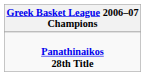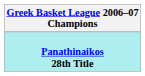 <table class="wikitable" style="text-align: center; margin: 0 auto;">
 <tr>
 <th><a href='#'>Greek Basket League</a> 2006–07<br>Champions</th>
 </tr>
 <tr>
 </tr>
 <tr>
-<td><br><strong><a href='#'>Panathinaikos</a></strong><br><strong>28th Title</strong></td>
+<td style="background: paleturquoise;"><br><strong><a href='#'>Panathinaikos</a></strong><br><strong>28th Title</strong></td>
 </tr>
 </table>
